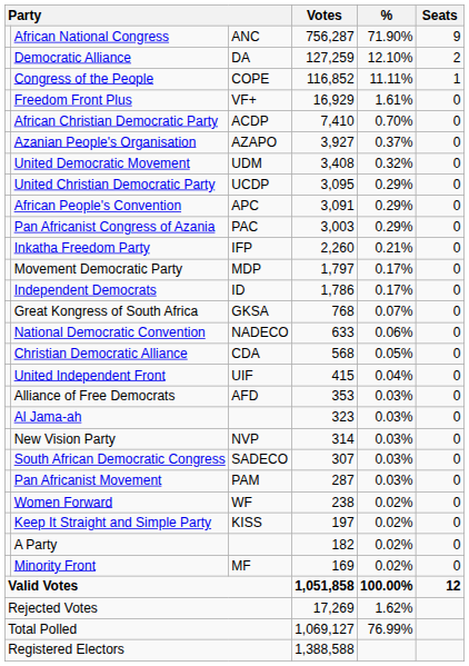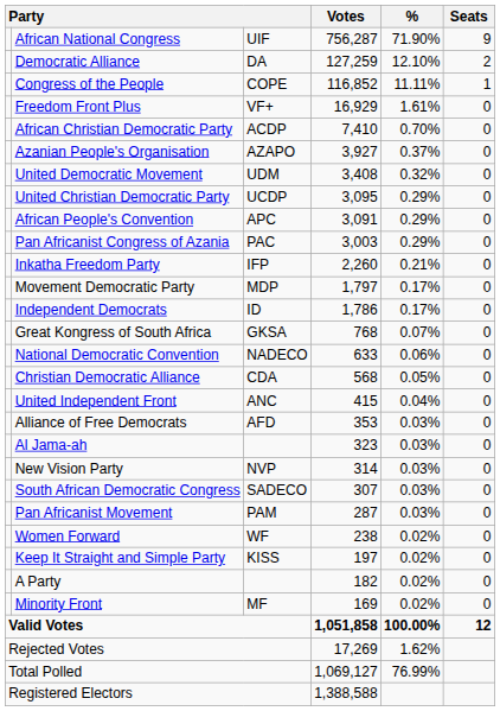 <table class="wikitable" border="1" style="text-align:right;">
 <tr>
 <th style="text-align:left;" colspan=3>Party</th>
 <th align=center width="50">Votes</th>
 <th align=center width="50">%</th>
 <th align=center width="50">Seats</th>
 </tr>
 <tr>
 <td style="background:"></td>
 <td align=left><a href='#'>African National Congress</a></td>
-<td align=left>ANC</td>
+<td align=left>UIF</td>
 <td>756,287</td>
 <td>71.90%</td>
 <td>9</td>
 </tr>
 <tr>
 <td style="background:"></td>
 <td align=left><a href='#'>Democratic Alliance</a></td>
 <td align=left>DA</td>
 <td>127,259</td>
 <td>12.10%</td>
 <td>2</td>
 </tr>
 <tr>
 <td style="background:"></td>
 <td align=left><a href='#'>Congress of the People</a></td>
 <td align=left>COPE</td>
 <td>116,852</td>
 <td>11.11%</td>
 <td>1</td>
 </tr>
 <tr>
 <td style="background:"></td>
 <td align=left><a href='#'>Freedom Front Plus</a></td>
 <td align=left>VF+</td>
 <td>16,929</td>
 <td>1.61%</td>
 <td>0</td>
 </tr>
 <tr>
 <td style="background:"></td>
 <td align=left><a href='#'>African Christian Democratic Party</a></td>
 <td align=left>ACDP</td>
 <td>7,410</td>
 <td>0.70%</td>
 <td>0</td>
 </tr>
 <tr>
 <td style="background:"></td>
 <td align=left><a href='#'>Azanian People's Organisation</a></td>
 <td align=left>AZAPO</td>
 <td>3,927</td>
 <td>0.37%</td>
 <td>0</td>
 </tr>
 <tr>
 <td style="background:"></td>
 <td align=left><a href='#'>United Democratic Movement</a></td>
 <td align=left>UDM</td>
 <td>3,408</td>
 <td>0.32%</td>
 <td>0</td>
 </tr>
 <tr>
 <td style="background:"></td>
 <td align=left><a href='#'>United Christian Democratic Party</a></td>
 <td align=left>UCDP</td>
 <td>3,095</td>
 <td>0.29%</td>
 <td>0</td>
 </tr>
 <tr>
 <td style="background:"></td>
 <td align=left><a href='#'>African People's Convention</a></td>
 <td align=left>APC</td>
 <td>3,091</td>
 <td>0.29%</td>
 <td>0</td>
 </tr>
 <tr>
 <td style="background:"></td>
 <td align=left><a href='#'>Pan Africanist Congress of Azania</a></td>
 <td align=left>PAC</td>
 <td>3,003</td>
 <td>0.29%</td>
 <td>0</td>
 </tr>
 <tr>
 <td style="background:"></td>
 <td align=left><a href='#'>Inkatha Freedom Party</a></td>
 <td align=left>IFP</td>
 <td>2,260</td>
 <td>0.21%</td>
 <td>0</td>
 </tr>
 <tr>
 <td></td>
 <td align=left>Movement Democratic Party</td>
 <td align=left>MDP</td>
 <td>1,797</td>
 <td>0.17%</td>
 <td>0</td>
 </tr>
 <tr>
 <td style="background:"></td>
 <td align=left><a href='#'>Independent Democrats</a></td>
 <td align=left>ID</td>
 <td>1,786</td>
 <td>0.17%</td>
 <td>0</td>
 </tr>
 <tr>
 <td></td>
 <td align=left>Great Kongress of South Africa</td>
 <td align=left>GKSA</td>
 <td>768</td>
 <td>0.07%</td>
 <td>0</td>
 </tr>
 <tr>
 <td style="background:"></td>
 <td align=left><a href='#'>National Democratic Convention</a></td>
 <td align=left>NADECO</td>
 <td>633</td>
 <td>0.06%</td>
 <td>0</td>
 </tr>
 <tr>
 <td style="background:"></td>
 <td align=left><a href='#'>Christian Democratic Alliance</a></td>
 <td align=left>CDA</td>
 <td>568</td>
 <td>0.05%</td>
 <td>0</td>
 </tr>
 <tr>
 <td style="background:"></td>
 <td align=left><a href='#'>United Independent Front</a></td>
-<td align=left>UIF</td>
+<td align=left>ANC</td>
 <td>415</td>
 <td>0.04%</td>
 <td>0</td>
 </tr>
 <tr>
 <td></td>
 <td align=left>Alliance of Free Democrats</td>
 <td align=left>AFD</td>
 <td>353</td>
 <td>0.03%</td>
 <td>0</td>
 </tr>
 <tr>
 <td style="background:"></td>
 <td align=left><a href='#'>Al Jama-ah</a></td>
 <td align=left></td>
 <td>323</td>
 <td>0.03%</td>
 <td>0</td>
 </tr>
 <tr>
 <td></td>
 <td align=left>New Vision Party</td>
 <td align=left>NVP</td>
 <td>314</td>
 <td>0.03%</td>
 <td>0</td>
 </tr>
 <tr>
 <td></td>
 <td align=left><a href='#'>South African Democratic Congress</a></td>
 <td align=left>SADECO</td>
 <td>307</td>
 <td>0.03%</td>
 <td>0</td>
 </tr>
 <tr>
 <td style="background:"></td>
 <td align=left><a href='#'>Pan Africanist Movement</a></td>
 <td align=left>PAM</td>
 <td>287</td>
 <td>0.03%</td>
 <td>0</td>
 </tr>
 <tr>
 <td style="background:"></td>
 <td align=left><a href='#'>Women Forward</a></td>
 <td align=left>WF</td>
 <td>238</td>
 <td>0.02%</td>
 <td>0</td>
 </tr>
 <tr>
 <td style="background:"></td>
 <td align=left><a href='#'>Keep It Straight and Simple Party</a></td>
 <td align=left>KISS</td>
 <td>197</td>
 <td>0.02%</td>
 <td>0</td>
 </tr>
 <tr>
 <td></td>
 <td align=left>A Party</td>
 <td align=left></td>
 <td>182</td>
 <td>0.02%</td>
 <td>0</td>
 </tr>
 <tr>
 <td style="background:"></td>
 <td align=left><a href='#'>Minority Front</a></td>
 <td align=left>MF</td>
 <td>169</td>
 <td>0.02%</td>
 <td>0</td>
 </tr>
 <tr style="font-weight:bold">
 <td align=left colspan=3>Valid Votes</td>
 <td>1,051,858</td>
 <td>100.00%</td>
 <td>12</td>
 </tr>
 <tr>
 <td align=left colspan=3>Rejected Votes</td>
 <td>17,269</td>
 <td>1.62%</td>
 <td></td>
 </tr>
 <tr>
 <td align=left colspan=3>Total Polled</td>
 <td>1,069,127</td>
 <td>76.99%</td>
 <td></td>
 </tr>
 <tr>
 <td align=left colspan=3>Registered Electors</td>
 <td>1,388,588</td>
 <td></td>
 <td></td>
 </tr>
 </table>
